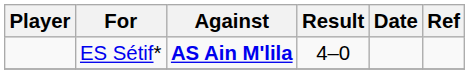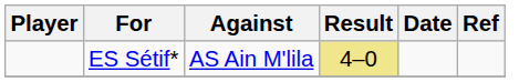 <table class="wikitable" style="font-size: 95%;">
 <tr>
 <th>Player</th>
 <th>For</th>
 <th>Against</th>
 <th style="text-align:center">Result</th>
 <th>Date</th>
 <th>Ref</th>
 </tr>
 <tr>
 <td> </td>
 <td><a href='#'>ES Sétif</a>*</td>
-<td><strong><a href='#'>AS Ain M'lila</a></strong></td>
-<td style="text-align:center;">4–0</td>
+<td><a href='#'>AS Ain M'lila</a></td>
+<td style="background: khaki; text-align:center;">4–0</td>
 <td></td>
 <td></td>
 </tr>
 <tr>
 </tr>
 </table>
